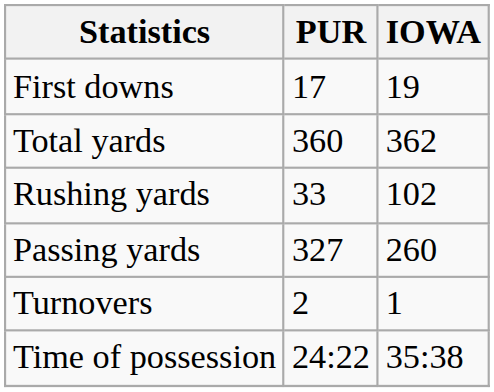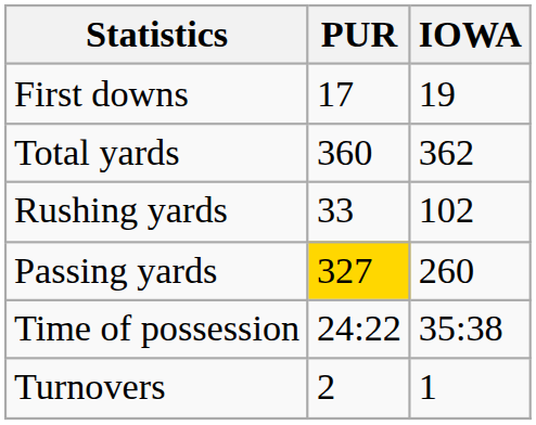 <table class="wikitable">
 <tr>
 <th>Statistics</th>
 <th>PUR</th>
 <th>IOWA</th>
 </tr>
 <tr>
 <td>First downs</td>
 <td>17</td>
 <td>19</td>
 </tr>
 <tr>
 <td>Total yards</td>
 <td>360</td>
 <td>362</td>
 </tr>
 <tr>
 <td>Rushing yards</td>
 <td>33</td>
 <td>102</td>
 </tr>
 <tr>
 <td>Passing yards</td>
-<td>327</td>
+<td style="background: gold;">327</td>
 <td>260</td>
+</tr>
+<tr>
+<td>Time of possession</td>
+<td>24:22</td>
+<td>35:38</td>
 </tr>
 <tr>
 <td>Turnovers</td>
 <td>2</td>
 <td>1</td>
 </tr>
 <tr>
-<td>Time of possession</td>
-<td>24:22</td>
-<td>35:38</td>
-</tr>
-<tr>
 </tr>
 </table>
